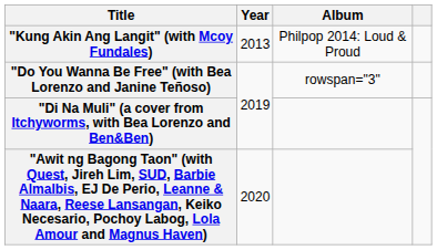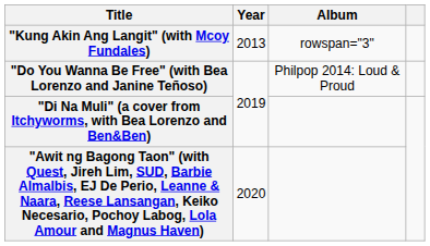 <table class="wikitable plainrowheaders" style="text-align:center;">
 <tr>
 <th scope="col" style="width:17em;">Title</th>
 <th scope="col">Year</th>
 <th scope="col" style="width:10em;">Album</th>
 <th scope="col" class="unsortable" style="width:1em;"></th>
 </tr>
 <tr>
 <th scope="row">"Kung Akin Ang Langit" <span> (with <a href='#'>Mcoy Fundales</a>)</span></th>
 <td>2013</td>
-<td>Philpop 2014: Loud & Proud</td>
+<td>rowspan="3" </td>
 <td></td>
 </tr>
 <tr>
 <th scope="row">"Do You Wanna Be Free" <span> (with Bea Lorenzo and Janine Teñoso)</span></th>
 <td rowspan="2">2019</td>
-<td>rowspan="3" </td>
+<td>Philpop 2014: Loud & Proud</td>
 <td></td>
 </tr>
 <tr>
 <th scope="row">"Di Na Muli" <span> (a cover from <a href='#'>Itchyworms</a>, with Bea Lorenzo and <a href='#'>Ben&Ben</a>)</span></th>
 <td></td>
 </tr>
 <tr>
 <th scope="row">"Awit ng Bagong Taon" <span> (with <a href='#'>Quest</a>, Jireh Lim, <a href='#'>SUD</a>, <a href='#'>Barbie Almalbis</a>, EJ De Perio, <a href='#'>Leanne & Naara</a>, <a href='#'>Reese Lansangan</a>, Keiko Necesario, Pochoy Labog, <a href='#'>Lola Amour</a> and <a href='#'>Magnus Haven</a>)</span></th>
 <td>2020</td>
 <td></td>
 </tr>
 </table>
